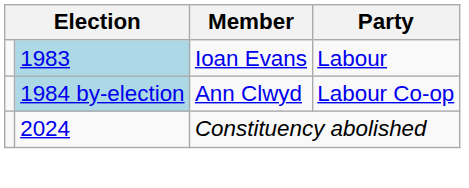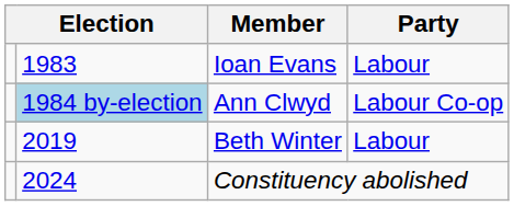 <table class="wikitable">
 <tr>
 <th colspan="2">Election</th>
 <th>Member</th>
 <th>Party</th>
 </tr>
 <tr>
 <td style="color:inherit;background-color: "></td>
-<td style="background: lightblue;"><a href='#'>1983</a></td>
+<td><a href='#'>1983</a></td>
 <td><a href='#'>Ioan Evans</a></td>
 <td><a href='#'>Labour</a></td>
 </tr>
 <tr>
 <td style="color:inherit;background-color: "></td>
 <td style="background: lightblue;"><a href='#'>1984 by-election</a></td>
 <td><a href='#'>Ann Clwyd</a></td>
 <td><a href='#'>Labour Co-op</a></td>
 </tr>
 <tr>
+<td style="color:inherit;background-color: "></td>
+<td><a href='#'>2019</a></td>
+<td><a href='#'>Beth Winter</a></td>
+<td><a href='#'>Labour</a></td>
+</tr>
+<tr>
 <td></td>
 <td><a href='#'>2024</a></td>
 <td colspan="2"><em>Constituency abolished</em></td>
 </tr>
 </table>
